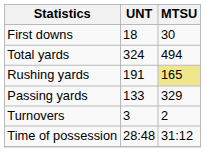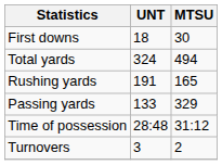 <table class="wikitable">
 <tr>
 <th>Statistics</th>
 <th>UNT</th>
 <th>MTSU</th>
 </tr>
 <tr>
 <td>First downs</td>
 <td>18</td>
 <td>30</td>
 </tr>
 <tr>
 <td>Total yards</td>
 <td>324</td>
 <td>494</td>
 </tr>
 <tr>
 <td>Rushing yards</td>
 <td>191</td>
-<td style="background: khaki;">165</td>
+<td>165</td>
 </tr>
 <tr>
 <td>Passing yards</td>
 <td>133</td>
 <td>329</td>
 </tr>
 <tr>
+<td>Time of possession</td>
+<td>28:48</td>
+<td>31:12</td>
+</tr>
+<tr>
 <td>Turnovers</td>
 <td>3</td>
 <td>2</td>
 </tr>
 <tr>
-<td>Time of possession</td>
-<td>28:48</td>
-<td>31:12</td>
-</tr>
-<tr>
 </tr>
 </table>
